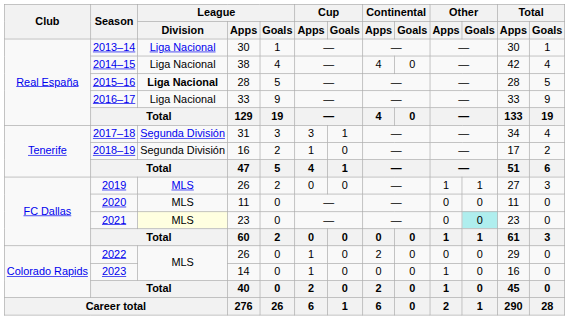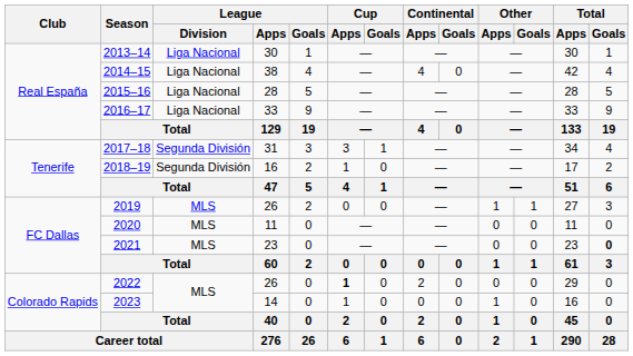 <table class="wikitable" style="text-align:center">
 <tr>
 <th rowspan="2">Club</th>
 <th rowspan="2">Season</th>
 <th colspan="3">League</th>
 <th colspan="2">Cup</th>
 <th colspan="2">Continental</th>
 <th colspan="2">Other</th>
 <th colspan="2">Total</th>
 </tr>
 <tr>
 <th>Division</th>
 <th>Apps</th>
 <th>Goals</th>
 <th>Apps</th>
 <th>Goals</th>
 <th>Apps</th>
 <th>Goals</th>
 <th>Apps</th>
 <th>Goals</th>
 <th>Apps</th>
 <th>Goals</th>
 </tr>
 <tr>
 <td rowspan="5"><a href='#'>Real España</a></td>
 <td><a href='#'>2013–14</a></td>
 <td><a href='#'>Liga Nacional</a></td>
 <td>30</td>
 <td>1</td>
 <td colspan="2">—</td>
 <td colspan="2">—</td>
 <td colspan="2">—</td>
 <td>30</td>
 <td>1</td>
 </tr>
 <tr>
 <td><a href='#'>2014–15</a></td>
 <td>Liga Nacional</td>
 <td>38</td>
 <td>4</td>
 <td colspan="2">—</td>
 <td>4</td>
 <td>0</td>
 <td colspan="2">—</td>
 <td>42</td>
 <td>4</td>
 </tr>
 <tr>
 <td><a href='#'>2015–16</a></td>
-<td><strong>Liga Nacional</strong></td>
+<td>Liga Nacional</td>
 <td>28</td>
 <td>5</td>
 <td colspan="2">—</td>
 <td colspan="2">—</td>
 <td colspan="2">—</td>
 <td>28</td>
 <td>5</td>
 </tr>
 <tr>
 <td><a href='#'>2016–17</a></td>
 <td>Liga Nacional</td>
 <td>33</td>
 <td>9</td>
 <td colspan="2">—</td>
 <td colspan="2">—</td>
 <td colspan="2">—</td>
 <td>33</td>
 <td>9</td>
 </tr>
 <tr>
 <th colspan="2">Total</th>
 <th>129</th>
 <th>19</th>
 <th colspan="2">—</th>
 <th>4</th>
 <th>0</th>
 <th colspan="2">—</th>
 <th>133</th>
 <th>19</th>
 </tr>
 <tr>
 <td rowspan="3"><a href='#'>Tenerife</a></td>
 <td><a href='#'>2017–18</a></td>
 <td><a href='#'>Segunda División</a></td>
 <td>31</td>
 <td>3</td>
 <td>3</td>
 <td>1</td>
 <td colspan="2">—</td>
 <td colspan="2">—</td>
 <td>34</td>
 <td>4</td>
 </tr>
 <tr>
 <td><a href='#'>2018–19</a></td>
 <td>Segunda División</td>
 <td>16</td>
 <td>2</td>
 <td>1</td>
 <td>0</td>
 <td colspan="2">—</td>
 <td colspan="2">—</td>
 <td>17</td>
 <td>2</td>
 </tr>
 <tr>
 <th colspan="2">Total</th>
 <th>47</th>
 <th>5</th>
 <th>4</th>
 <th>1</th>
 <th colspan="2">—</th>
 <th colspan="2">—</th>
 <th>51</th>
 <th>6</th>
 </tr>
 <tr>
 <td rowspan="4"><a href='#'>FC Dallas</a></td>
 <td><a href='#'>2019</a></td>
 <td><a href='#'>MLS</a></td>
 <td>26</td>
 <td>2</td>
 <td>0</td>
 <td>0</td>
 <td colspan="2">—</td>
 <td>1</td>
 <td>1</td>
 <td>27</td>
 <td>3</td>
 </tr>
 <tr>
 <td><a href='#'>2020</a></td>
 <td>MLS</td>
 <td>11</td>
 <td>0</td>
 <td colspan="2">—</td>
 <td colspan="2">—</td>
 <td>0</td>
 <td>0</td>
 <td>11</td>
 <td>0</td>
 </tr>
 <tr>
 <td><a href='#'>2021</a></td>
-<td style="background: lightyellow;">MLS</td>
+<td>MLS</td>
 <td>23</td>
 <td>0</td>
 <td colspan="2">—</td>
 <td colspan="2">—</td>
 <td>0</td>
-<td style="background: paleturquoise;">0</td>
+<td>0</td>
 <td>23</td>
-<td>0</td>
+<td><strong>0</strong></td>
 </tr>
 <tr>
 <th colspan="2">Total</th>
 <th>60</th>
 <th>2</th>
 <th>0</th>
 <th>0</th>
 <th>0</th>
 <th>0</th>
 <th>1</th>
 <th>1</th>
 <th>61</th>
 <th>3</th>
 </tr>
 <tr>
 <td rowspan="3"><a href='#'>Colorado Rapids</a></td>
 <td><a href='#'>2022</a></td>
 <td rowspan="2">MLS</td>
 <td>26</td>
 <td>0</td>
-<td>1</td>
+<td><strong>1</strong></td>
 <td>0</td>
 <td>2</td>
 <td>0</td>
 <td>0</td>
 <td>0</td>
 <td>29</td>
 <td>0</td>
 </tr>
 <tr>
 <td><a href='#'>2023</a></td>
 <td>14</td>
 <td>0</td>
 <td>1</td>
 <td>0</td>
 <td>0</td>
 <td>0</td>
 <td>1</td>
 <td>0</td>
 <td>16</td>
 <td>0</td>
 </tr>
 <tr>
 <th colspan="2">Total</th>
 <th>40</th>
 <th>0</th>
 <th>2</th>
 <th>0</th>
 <th>2</th>
 <th>0</th>
 <th>1</th>
 <th>0</th>
 <th>45</th>
 <th>0</th>
 </tr>
 <tr>
 <th colspan="3">Career total</th>
 <th>276</th>
 <th>26</th>
 <th>6</th>
 <th>1</th>
 <th>6</th>
 <th>0</th>
 <th>2</th>
 <th>1</th>
 <th>290</th>
 <th>28</th>
 </tr>
 </table>
